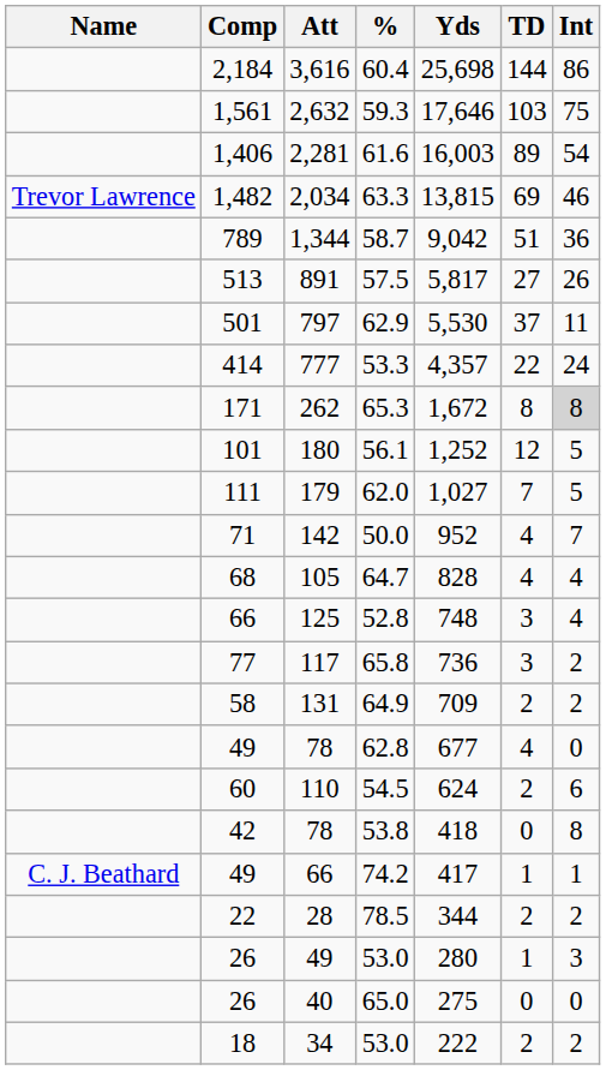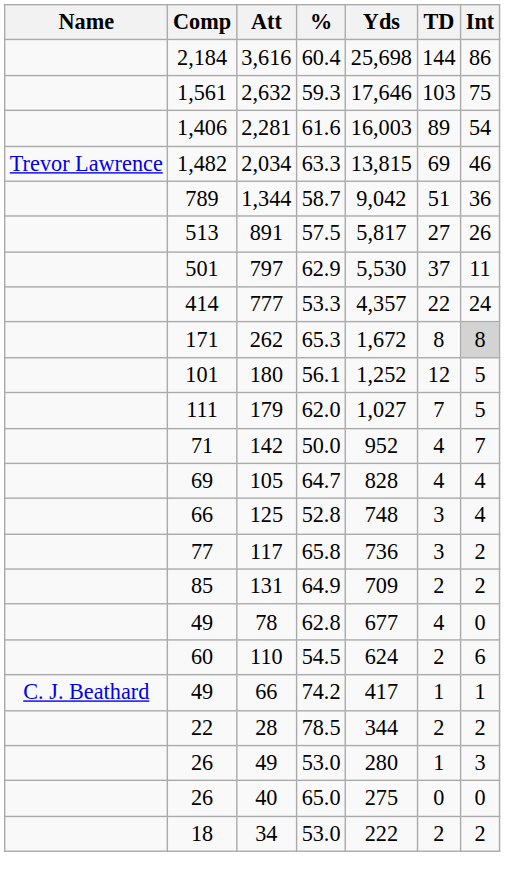 <table class="wikitable sortable" style="text-align:center">
 <tr>
 <th scope="col">Name</th>
 <th scope="col">Comp</th>
 <th scope="col">Att</th>
 <th scope="col">%</th>
 <th scope="col">Yds</th>
 <th scope="col">TD</th>
 <th scope="col">Int</th>
 </tr>
 <tr>
 <td></td>
 <td>2,184</td>
 <td>3,616</td>
 <td>60.4</td>
 <td>25,698</td>
 <td>144</td>
 <td>86</td>
 </tr>
 <tr>
 <td></td>
 <td>1,561</td>
 <td>2,632</td>
 <td>59.3</td>
 <td>17,646</td>
 <td>103</td>
 <td>75</td>
 </tr>
 <tr>
 <td></td>
 <td>1,406</td>
 <td>2,281</td>
 <td>61.6</td>
 <td>16,003</td>
 <td>89</td>
 <td>54</td>
 </tr>
 <tr>
 <td><a href='#'>Trevor Lawrence</a></td>
 <td>1,482</td>
 <td>2,034</td>
 <td>63.3</td>
 <td>13,815</td>
 <td>69</td>
 <td>46</td>
 </tr>
 <tr>
 <td></td>
 <td>789</td>
 <td>1,344</td>
 <td>58.7</td>
 <td>9,042</td>
 <td>51</td>
 <td>36</td>
 </tr>
 <tr>
 <td></td>
 <td>513</td>
 <td>891</td>
 <td>57.5</td>
 <td>5,817</td>
 <td>27</td>
 <td>26</td>
 </tr>
 <tr>
 <td></td>
 <td>501</td>
 <td>797</td>
 <td>62.9</td>
 <td>5,530</td>
 <td>37</td>
 <td>11</td>
 </tr>
 <tr>
 <td></td>
 <td>414</td>
 <td>777</td>
 <td>53.3</td>
 <td>4,357</td>
 <td>22</td>
 <td>24</td>
 </tr>
 <tr>
 <td></td>
 <td>171</td>
 <td>262</td>
 <td>65.3</td>
 <td>1,672</td>
 <td>8</td>
 <td style="background: lightgrey;">8</td>
 </tr>
 <tr>
 <td></td>
 <td>101</td>
 <td>180</td>
 <td>56.1</td>
 <td>1,252</td>
 <td>12</td>
 <td>5</td>
 </tr>
 <tr>
 <td></td>
 <td>111</td>
 <td>179</td>
 <td>62.0</td>
 <td>1,027</td>
 <td>7</td>
 <td>5</td>
 </tr>
 <tr>
 <td></td>
 <td>71</td>
 <td>142</td>
 <td>50.0</td>
 <td>952</td>
 <td>4</td>
 <td>7</td>
 </tr>
 <tr>
 <td></td>
-<td>68</td>
+<td>69</td>
 <td>105</td>
 <td>64.7</td>
 <td>828</td>
 <td>4</td>
 <td>4</td>
 </tr>
 <tr>
 <td></td>
 <td>66</td>
 <td>125</td>
 <td>52.8</td>
 <td>748</td>
 <td>3</td>
 <td>4</td>
 </tr>
 <tr>
 <td></td>
 <td>77</td>
 <td>117</td>
 <td>65.8</td>
 <td>736</td>
 <td>3</td>
 <td>2</td>
 </tr>
 <tr>
 <td></td>
-<td>58</td>
+<td>85</td>
 <td>131</td>
 <td>64.9</td>
 <td>709</td>
 <td>2</td>
 <td>2</td>
 </tr>
 <tr>
 <td></td>
 <td>49</td>
 <td>78</td>
 <td>62.8</td>
 <td>677</td>
 <td>4</td>
 <td>0</td>
 </tr>
 <tr>
 <td></td>
 <td>60</td>
 <td>110</td>
 <td>54.5</td>
 <td>624</td>
 <td>2</td>
 <td>6</td>
-</tr>
-<tr>
-<td></td>
-<td>42</td>
-<td>78</td>
-<td>53.8</td>
-<td>418</td>
-<td>0</td>
-<td>8</td>
 </tr>
 <tr>
 <td><a href='#'>C. J. Beathard</a></td>
 <td>49</td>
 <td>66</td>
 <td>74.2</td>
 <td>417</td>
 <td>1</td>
 <td>1</td>
 </tr>
 <tr>
 <td></td>
 <td>22</td>
 <td>28</td>
 <td>78.5</td>
 <td>344</td>
 <td>2</td>
 <td>2</td>
 </tr>
 <tr>
 <td></td>
 <td>26</td>
 <td>49</td>
 <td>53.0</td>
 <td>280</td>
 <td>1</td>
 <td>3</td>
 </tr>
 <tr>
 <td></td>
 <td>26</td>
 <td>40</td>
 <td>65.0</td>
 <td>275</td>
 <td>0</td>
 <td>0</td>
 </tr>
 <tr>
 <td></td>
 <td>18</td>
 <td>34</td>
 <td>53.0</td>
 <td>222</td>
 <td>2</td>
 <td>2</td>
 </tr>
 </table>
